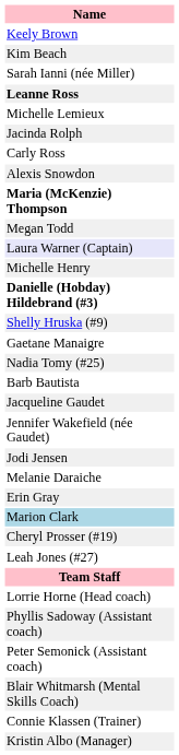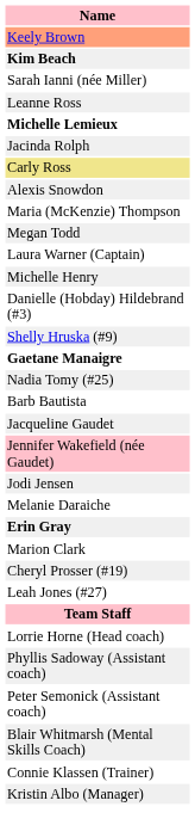 <table border="0" cellspacing="2" cellpadding="2">
 <tr bgcolor=pink>
 <th width=200>Name</th>
 </tr>
 <tr>
-<td><a href='#'>Keely Brown</a></td>
+<td style="background: lightsalmon;"><a href='#'>Keely Brown</a></td>
 </tr>
 <tr bgcolor="#f0f0f0">
-<td>Kim Beach</td>
+<td><strong>Kim Beach</strong></td>
 </tr>
 <tr>
 <td>Sarah Ianni (née Miller)</td>
 </tr>
 <tr bgcolor="#f0f0f0">
-<td><strong>Leanne Ross</strong></td>
+<td>Leanne Ross</td>
 </tr>
 <tr>
-<td>Michelle Lemieux</td>
+<td><strong>Michelle Lemieux</strong></td>
 </tr>
 <tr bgcolor="#f0f0f0">
 <td>Jacinda Rolph</td>
 </tr>
 <tr>
-<td>Carly Ross</td>
+<td style="background: khaki;">Carly Ross</td>
 </tr>
 <tr bgcolor="#f0f0f0">
 <td>Alexis Snowdon</td>
 </tr>
 <tr>
-<td><strong>Maria (McKenzie) Thompson</strong></td>
+<td>Maria (McKenzie) Thompson</td>
 </tr>
 <tr bgcolor="#f0f0f0"=>
 <td>Megan Todd</td>
 </tr>
 <tr>
-<td style="background: lavender;">Laura Warner (Captain)</td>
+<td>Laura Warner (Captain)</td>
 </tr>
 <tr bgcolor="#f0f0f0">
 <td>Michelle Henry</td>
 </tr>
 <tr>
-<td><strong>Danielle (Hobday) Hildebrand (#3)</strong></td>
+<td>Danielle (Hobday) Hildebrand (#3)</td>
 </tr>
 <tr bgcolor="#f0f0f0">
 <td><a href='#'>Shelly Hruska</a> (#9)</td>
 </tr>
 <tr>
-<td>Gaetane Manaigre</td>
+<td><strong>Gaetane Manaigre</strong></td>
 </tr>
 <tr bgcolor="#f0f0f0">
 <td>Nadia Tomy (#25)</td>
 </tr>
 <tr>
 <td>Barb Bautista</td>
 </tr>
 <tr bgcolor="#f0f0f0">
 <td>Jacqueline Gaudet</td>
 </tr>
 <tr>
-<td>Jennifer Wakefield (née Gaudet)</td>
+<td style="background: pink;">Jennifer Wakefield (née Gaudet)</td>
 </tr>
 <tr bgcolor="#f0f0f0">
 <td>Jodi Jensen</td>
 </tr>
 <tr>
 <td>Melanie Daraiche</td>
 </tr>
 <tr bgcolor="#f0f0f0">
-<td>Erin Gray</td>
+<td><strong>Erin Gray</strong></td>
 </tr>
 <tr>
-<td style="background: lightblue;">Marion Clark</td>
+<td>Marion Clark</td>
 </tr>
 <tr bgcolor="#f0f0f0">
 <td>Cheryl Prosser (#19)</td>
 </tr>
 <tr>
 <td>Leah Jones (#27)</td>
 </tr>
 <tr>
 <th style=background:pink colspan=3>Team Staff</th>
 </tr>
 <tr>
 <td>Lorrie Horne (Head coach)</td>
 </tr>
 <tr bgcolor="#f0f0f0">
 <td>Phyllis Sadoway (Assistant coach)</td>
 </tr>
 <tr>
 <td>Peter Semonick (Assistant coach)</td>
 </tr>
 <tr bgcolor="#f0f0f0">
 <td>Blair Whitmarsh (Mental Skills Coach)</td>
 </tr>
 <tr>
 <td>Connie Klassen (Trainer)</td>
 </tr>
 <tr bgcolor="#f0f0f0">
 <td>Kristin Albo (Manager)</td>
 </tr>
 </table>
